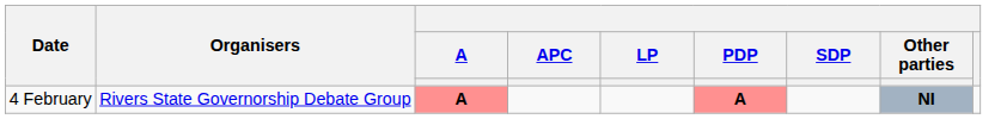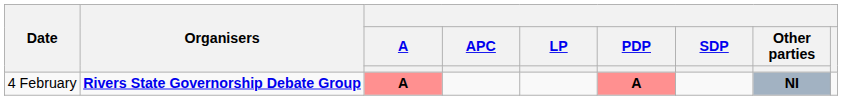 <table class="wikitable" style="text-align:center;">
 <tr>
 <th rowspan="3">Date</th>
 <th rowspan="3">Organisers</th>
 <th colspan="7">    <br>   </th>
 </tr>
 <tr>
 <th scope="col" style="width:5em;"><a href='#'>A</a></th>
 <th scope="col" style="width:5em;"><a href='#'>APC</a></th>
 <th scope="col" style="width:5em;"><a href='#'>LP</a></th>
 <th scope="col" style="width:5em;"><a href='#'>PDP</a></th>
 <th scope="col" style="width:5em;"><a href='#'>SDP</a></th>
 <th scope="col" style="width:5em;">Other parties</th>
 <th rowspan="2"></th>
 </tr>
 <tr>
 <th style="background:"></th>
 <th style="background:"></th>
 <th style="background:"></th>
 <th style="background:"></th>
 <th style="background:"></th>
 <th style="background:"></th>
 </tr>
 <tr>
 <td style="white-space:nowrap; text-align:left;">4 February</td>
-<td style="white-space:nowrap; text-align:left;"><a href='#'>Rivers State Governorship Debate Group</a></td>
+<td style="white-space:nowrap; text-align:left;"><strong><a href='#'>Rivers State Governorship Debate Group</a></strong></td>
 <td style="background:#FF9090;"><strong>A</strong><br></td>
 <td></td>
 <td></td>
 <td style="background:#FF9090;"><strong>A</strong><br></td>
 <td></td>
 <td style="background:#A2B2C2;"><strong>NI</strong><br></td>
 <td></td>
 </tr>
 </table>
